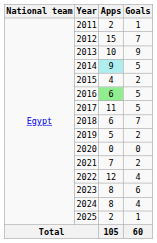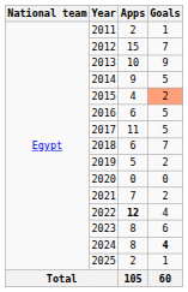 <table class="wikitable sortable" style="text-align: center;">
 <tr>
 <th>National team</th>
 <th>Year</th>
 <th>Apps</th>
 <th>Goals</th>
 </tr>
 <tr>
 <td rowspan="15"><a href='#'>Egypt</a></td>
 <td>2011</td>
 <td>2</td>
 <td>1</td>
 </tr>
 <tr>
 <td>2012</td>
 <td>15</td>
 <td>7</td>
 </tr>
 <tr>
 <td>2013</td>
 <td>10</td>
 <td>9</td>
 </tr>
 <tr>
 <td>2014</td>
-<td style="background: paleturquoise;">9</td>
+<td>9</td>
 <td>5</td>
 </tr>
 <tr>
 <td>2015</td>
 <td>4</td>
-<td>2</td>
+<td style="background: lightsalmon;">2</td>
 </tr>
 <tr>
 <td>2016</td>
-<td style="background: lightgreen;">6</td>
+<td>6</td>
 <td>5</td>
 </tr>
 <tr>
 <td>2017</td>
 <td>11</td>
 <td>5</td>
 </tr>
 <tr>
 <td>2018</td>
 <td>6</td>
 <td>7</td>
 </tr>
 <tr>
 <td>2019</td>
 <td>5</td>
 <td>2</td>
 </tr>
 <tr>
 <td>2020</td>
 <td>0</td>
 <td>0</td>
 </tr>
 <tr>
 <td>2021</td>
 <td>7</td>
 <td>2</td>
 </tr>
 <tr>
 <td>2022</td>
-<td>12</td>
+<td><strong>12</strong></td>
 <td>4</td>
 </tr>
 <tr>
 <td>2023</td>
 <td>8</td>
 <td>6</td>
 </tr>
 <tr>
 <td>2024</td>
 <td>8</td>
-<td>4</td>
+<td><strong>4</strong></td>
 </tr>
 <tr>
 <td>2025</td>
 <td>2</td>
 <td>1</td>
 </tr>
 <tr>
 <th colspan="2">Total</th>
 <th>105</th>
 <th>60</th>
 </tr>
 </table>
